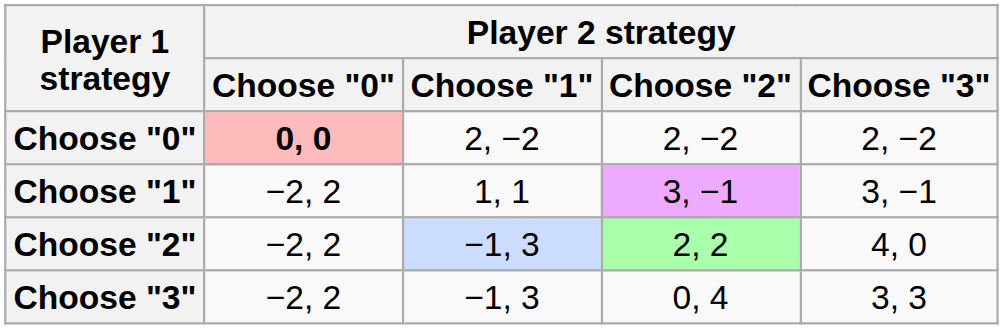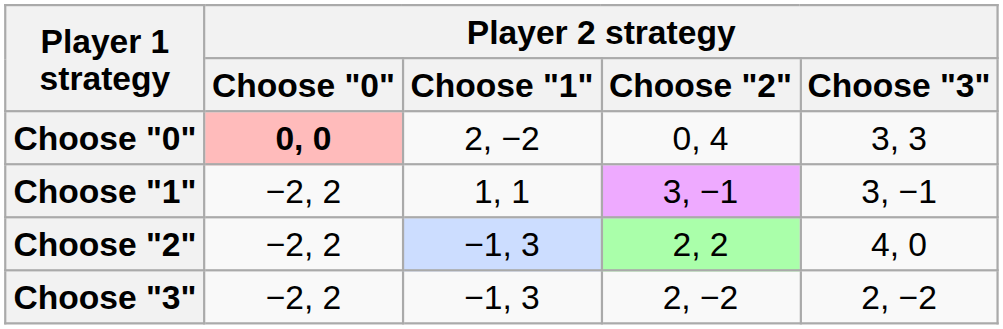 <table class="wikitable floatright" style="text-align:center; font-size:95%; margin-left:1em; matrin-bottom:1ex">
 <tr>
 <th scope="col" rowspan="2">Player 1<br> strategy</th>
 <th scope="col" colspan="4">Player 2 strategy</th>
 </tr>
 <tr>
 <th scope="col">Choose "0"</th>
 <th scope="col">Choose "1"</th>
 <th scope="col">Choose "2"</th>
 <th scope="col">Choose "3"</th>
 </tr>
 <tr>
 <th scope="row">Choose "0"</th>
 <td style="background:#ffbbbb"><strong>0, 0</strong></td>
 <td>2, −2</td>
-<td>2, −2</td>
-<td>2, −2</td>
+<td>0, 4</td>
+<td>3, 3</td>
 </tr>
 <tr>
 <th scope="row">Choose "1"</th>
 <td>−2, 2</td>
 <td>1, 1</td>
 <td style="background:#eeaaff">3, −1</td>
 <td>3, −1</td>
 </tr>
 <tr>
 <th scope="row">Choose "2"</th>
 <td>−2, 2</td>
 <td style="background:#ccddff;">−1, 3</td>
 <td style="background:#aaffaa;">2, 2</td>
 <td>4, 0</td>
 </tr>
 <tr>
 <th scope="row">Choose "3"</th>
 <td>−2, 2</td>
 <td>−1, 3</td>
-<td>0, 4</td>
-<td>3, 3</td>
+<td>2, −2</td>
+<td>2, −2</td>
 </tr>
 </table>
